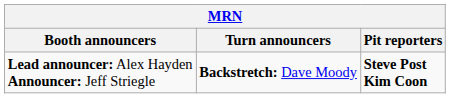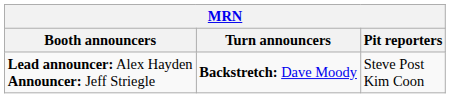 <table class="wikitable" style="font-size: 95%">
 <tr>
 <th colspan="3"><a href='#'>MRN</a></th>
 </tr>
 <tr>
 <th>Booth announcers</th>
 <th>Turn announcers</th>
 <th>Pit reporters</th>
 </tr>
 <tr>
 <td><strong>Lead announcer:</strong> Alex Hayden<br><strong>Announcer:</strong> Jeff Striegle</td>
 <td><strong>Backstretch:</strong> <a href='#'>Dave Moody</a></td>
-<td><strong>Steve Post<br>Kim Coon</strong></td>
+<td>Steve Post<br>Kim Coon</td>
 </tr>
 </table>
